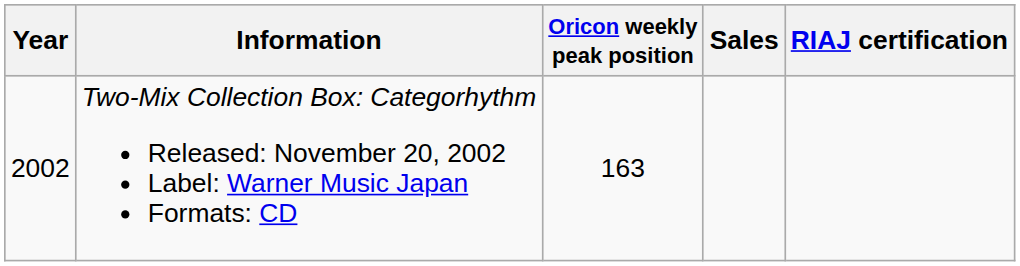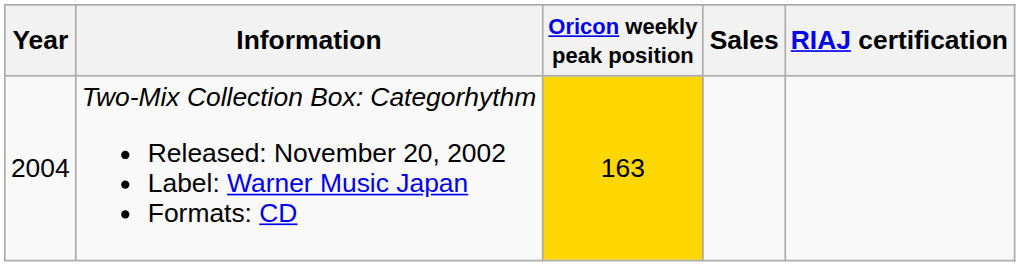 <table class="wikitable">
 <tr>
 <th>Year</th>
 <th>Information</th>
 <th><small><a href='#'>Oricon</a> weekly<br>peak position</small></th>
 <th>Sales</th>
 <th><a href='#'>RIAJ</a> certification</th>
 </tr>
 <tr>
-<td>2002</td>
+<td>2004</td>
 <td><em>Two-Mix Collection Box: Categorhythm</em><br><ul><li>Released: November 20, 2002</li><li>Label: <a href='#'>Warner Music Japan</a></li><li>Formats: <a href='#'>CD</a></li></ul></td>
-<td style="text-align:center;">163</td>
+<td style="background: gold; text-align:center;">163</td>
 <td align="left"></td>
 <td align="left"></td>
 </tr>
 </table>
